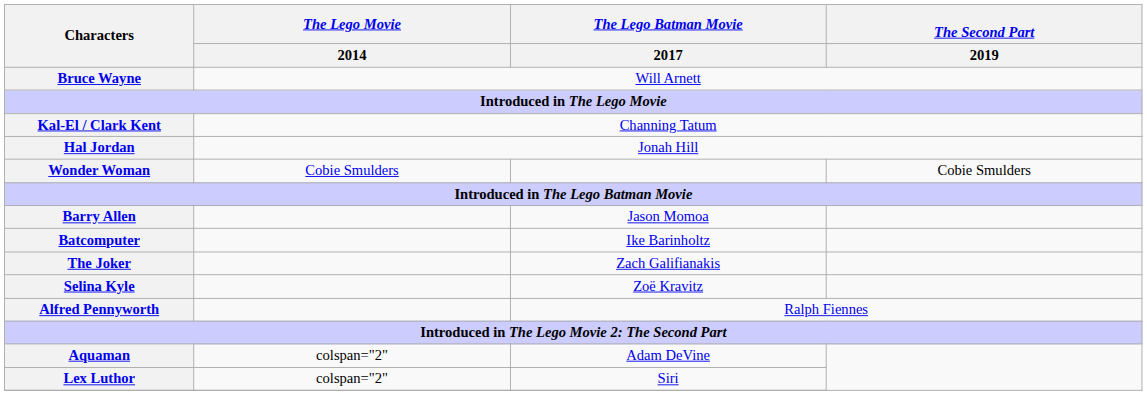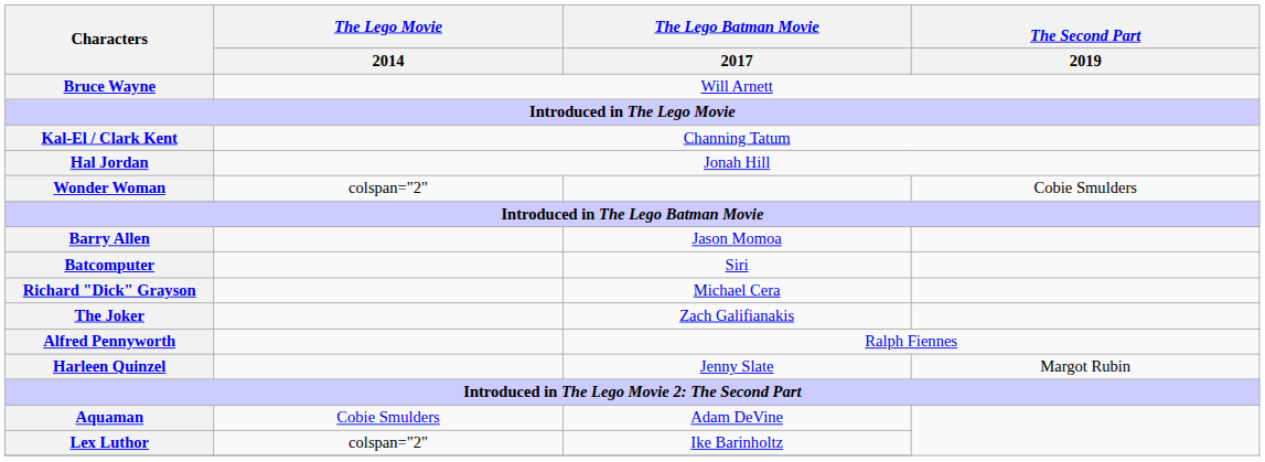 <table class="wikitable" style="text-align:center; width:99%">
 <tr>
 <th rowspan="2" width="5%">Characters</th>
 <th style="text-align:center; width:10%;"><em><a href='#'>The Lego Movie</a></em></th>
 <th style="text-align:center; width:10%;"><em><a href='#'>The Lego Batman Movie</a></em></th>
 <th style="text-align:center; width:10%;"><em><a href='#'><br>The Second Part</a></em></th>
 </tr>
 <tr>
 <th>2014</th>
 <th>2017</th>
 <th>2019</th>
 </tr>
 <tr>
 <th><a href='#'>Bruce Wayne<br></a></th>
 <td colspan="3"><a href='#'>Will Arnett</a></td>
 </tr>
 <tr>
 <th colspan="4" style="background:#ccf;">Introduced in <em>The Lego Movie</em></th>
 </tr>
 <tr>
 <th><a href='#'>Kal-El / Clark Kent<br></a></th>
 <td colspan="3"><a href='#'>Channing Tatum</a></td>
 </tr>
 <tr>
 <th><a href='#'>Hal Jordan<br></a></th>
 <td colspan="3"><a href='#'>Jonah Hill</a></td>
 </tr>
 <tr>
 <th><a href='#'>Wonder Woman</a></th>
-<td><a href='#'>Cobie Smulders</a></td>
+<td>colspan="2" </td>
 <td></td>
 <td>Cobie Smulders</td>
 </tr>
 <tr>
 <th colspan="4" style="background:#ccf;">Introduced in <em>The Lego Batman Movie</em></th>
 </tr>
 <tr>
 <th><a href='#'>Barry Allen<br></a></th>
 <td></td>
 <td><a href='#'>Jason Momoa</a></td>
 <td></td>
 </tr>
 <tr>
 <th><a href='#'>Batcomputer</a></th>
 <td></td>
-<td><a href='#'>Ike Barinholtz</a></td>
+<td><a href='#'>Siri</a></td>
+<td></td>
+</tr>
+<tr>
+<th><a href='#'>Richard "Dick" Grayson<br></a></th>
+<td></td>
+<td><a href='#'>Michael Cera</a></td>
 <td></td>
 </tr>
 <tr>
 <th><a href='#'>The Joker</a></th>
 <td></td>
 <td><a href='#'>Zach Galifianakis</a></td>
 <td></td>
 </tr>
 <tr>
-<th><a href='#'>Selina Kyle<br></a></th>
-<td></td>
-<td><a href='#'>Zoë Kravitz</a></td>
-<td></td>
-</tr>
-<tr>
 <th><a href='#'>Alfred Pennyworth</a></th>
 <td></td>
 <td colspan="2"><a href='#'>Ralph Fiennes</a></td>
+</tr>
+<tr>
+<th><a href='#'>Harleen Quinzel<br></a></th>
+<td></td>
+<td><a href='#'>Jenny Slate</a></td>
+<td>Margot Rubin</td>
 </tr>
 <tr>
 <th colspan="4" style="background:#ccf;">Introduced in <em>The Lego Movie 2: The Second Part</em></th>
 </tr>
 <tr>
 <th><a href='#'>Aquaman</a></th>
-<td>colspan="2" </td>
+<td><a href='#'>Cobie Smulders</a></td>
 <td><a href='#'>Adam DeVine</a></td>
 </tr>
 <tr>
 <th><a href='#'>Lex Luthor</a></th>
 <td>colspan="2" </td>
-<td><a href='#'>Siri</a></td>
+<td><a href='#'>Ike Barinholtz</a></td>
 </tr>
 <tr>
 </tr>
 </table>
